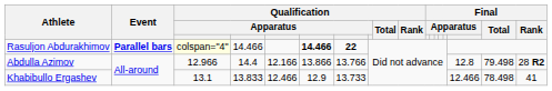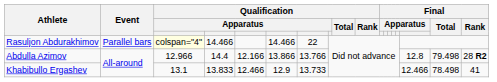 <table class="wikitable" style="font-size:90%">
 <tr>
 <th rowspan=3>Athlete</th>
 <th rowspan=3>Event</th>
 <th colspan=8>Qualification</th>
 <th colspan=8>Final</th>
 </tr>
 <tr style="font-size:95%">
 <th colspan=6>Apparatus</th>
 <th rowspan=2>Total</th>
 <th rowspan=2>Rank</th>
 <th colspan=6>Apparatus</th>
 <th rowspan=2>Total</th>
 <th rowspan=2>Rank</th>
 </tr>
 <tr style="font-size:95%">
 <th></th>
 <th></th>
 <th></th>
 <th></th>
 <th></th>
 <th></th>
 <th></th>
 <th></th>
 <th></th>
 <th></th>
 <th></th>
 <th></th>
 </tr>
 <tr align=center>
 <td align=left><a href='#'>Rasuljon Abdurakhimov</a></td>
-<td align=left><strong><a href='#'>Parallel bars</a></strong></td>
+<td align=left><a href='#'>Parallel bars</a></td>
 <td style="background: lightyellow;">colspan="4" </td>
 <td>14.466</td>
 <td></td>
-<td><strong>14.466</strong></td>
-<td><strong>22</strong></td>
+<td>14.466</td>
+<td>22</td>
 <td colspan="8" rowspan="3">Did not advance</td>
 </tr>
 <tr align=center>
 <td align=left><a href='#'>Abdulla Azimov</a></td>
 <td align=left rowspan=2><a href='#'>All-around</a></td>
 <td>12.966</td>
 <td>14.4</td>
 <td>12.166</td>
 <td>13.866</td>
 <td>13.766</td>
 <td>12.8</td>
 <td>79.498</td>
 <td>28 <strong>R2</strong></td>
 </tr>
 <tr align=center>
 <td align=left><a href='#'>Khabibullo Ergashev</a></td>
 <td>13.1</td>
 <td>13.833</td>
 <td>12.466</td>
 <td>12.9</td>
 <td>13.733</td>
 <td>12.466</td>
 <td>78.498</td>
 <td>41</td>
 </tr>
 </table>
